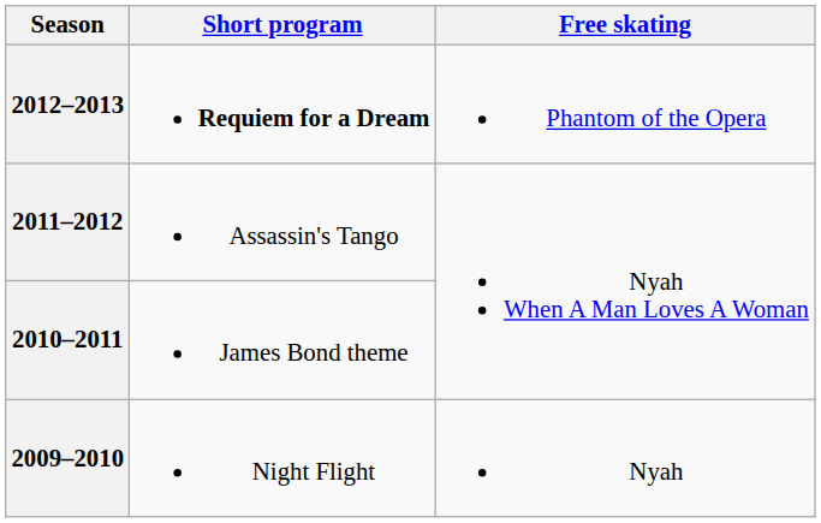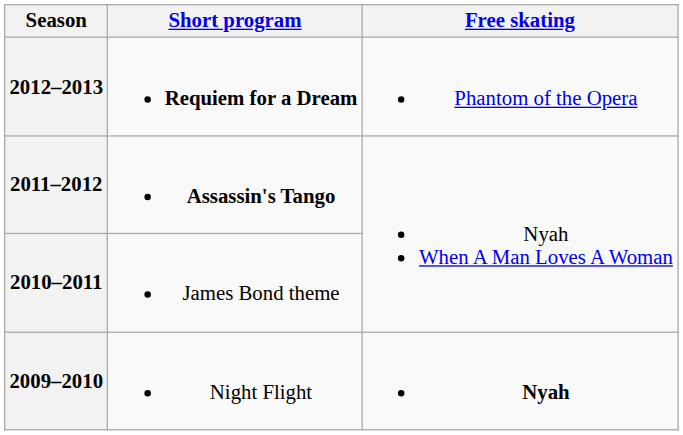 <table class=wikitable style=text-align:center>
 <tr>
 <th>Season</th>
 <th><a href='#'>Short program</a></th>
 <th><a href='#'>Free skating</a></th>
 </tr>
 <tr>
 <th>2012–2013 <br> </th>
 <td><strong><br><ul><li>Requiem for a Dream <br></li></ul></strong></td>
 <td><br><ul><li><a href='#'>Phantom of the Opera</a> <br></li></ul></td>
 </tr>
 <tr>
 <th>2011–2012 <br> </th>
-<td><br><ul><li>Assassin's Tango <br></li></ul></td>
+<td><strong><br><ul><li>Assassin's Tango <br></li></ul></strong></td>
 <td rowspan=2><br><ul><li>Nyah <br></li><li><a href='#'>When A Man Loves A Woman</a></li></ul></td>
 </tr>
 <tr>
 <th>2010–2011 <br> </th>
 <td><br><ul><li>James Bond theme</li></ul></td>
 </tr>
 <tr>
 <th>2009–2010 <br> </th>
 <td><br><ul><li>Night Flight <br></li></ul></td>
-<td><br><ul><li>Nyah <br></li></ul></td>
+<td><strong><br><ul><li>Nyah <br></li></ul></strong></td>
 </tr>
 </table>
